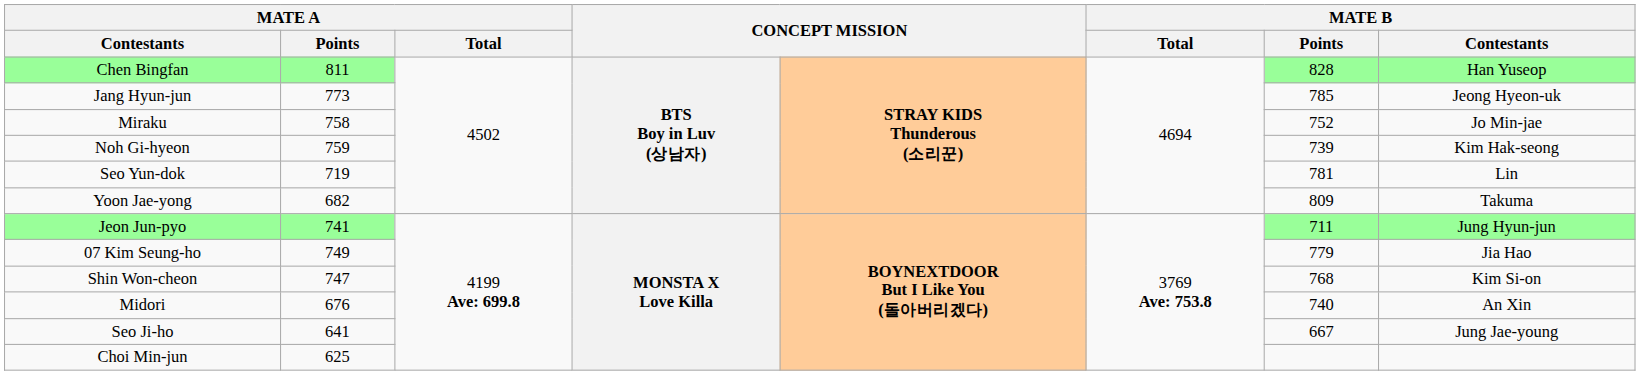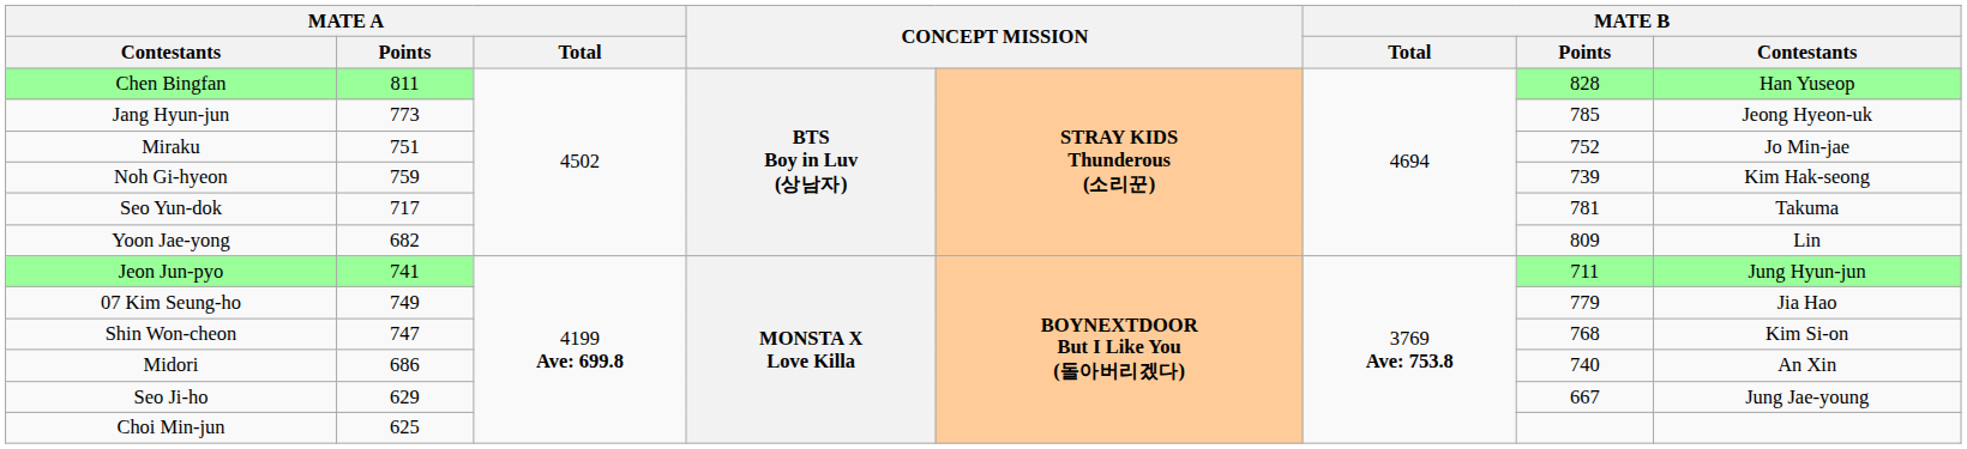 <table class="wikitable collapsible" style="width:100%; text-align:center">
 <tr>
 <th colspan="3">MATE A</th>
 <th colspan="2" rowspan="2">CONCEPT MISSION</th>
 <th colspan="3">MATE B</th>
 </tr>
 <tr>
 <th>Contestants</th>
 <th>Points</th>
 <th>Total</th>
 <th>Total</th>
 <th>Points</th>
 <th>Contestants</th>
 </tr>
 <tr>
 <td style="background:#99FF99">Chen Bingfan</td>
 <td style="background:#99FF99">811</td>
 <td rowspan="6">4502</td>
 <th rowspan="6">BTS<br>Boy in Luv<br>(상남자)</th>
 <th rowspan="6" style="background:#FFCC99">STRAY KIDS<br>Thunderous<br>(소리꾼)</th>
 <td rowspan="6">4694</td>
 <td style="background:#99FF99">828</td>
 <td style="background:#99FF99">Han Yuseop</td>
 </tr>
 <tr>
 <td>Jang Hyun-jun</td>
 <td>773</td>
 <td>785</td>
 <td>Jeong Hyeon-uk</td>
 </tr>
 <tr>
 <td>Miraku</td>
-<td>758</td>
+<td>751</td>
 <td>752</td>
 <td>Jo Min-jae</td>
 </tr>
 <tr>
 <td>Noh Gi-hyeon</td>
 <td>759</td>
 <td>739</td>
 <td>Kim Hak-seong</td>
 </tr>
 <tr>
 <td>Seo Yun-dok</td>
-<td>719</td>
+<td>717</td>
 <td>781</td>
-<td>Lin</td>
+<td>Takuma</td>
 </tr>
 <tr>
 <td>Yoon Jae-yong</td>
 <td>682</td>
 <td>809</td>
-<td>Takuma</td>
+<td>Lin</td>
 </tr>
 <tr>
 <td style="background:#99FF99">Jeon Jun-pyo</td>
 <td style="background:#99FF99">741</td>
 <td rowspan="6">4199<br><strong>Ave: 699.8</strong></td>
 <th rowspan="6">MONSTA X<br>Love Killa</th>
 <th rowspan="6" style="background:#FFCC99">BOYNEXTDOOR<br>But I Like You<br>(<strong>돌아버리겠다)</strong></th>
 <td rowspan="6">3769<br><strong>Ave: 753.8</strong></td>
 <td style="background:#99FF99">711</td>
 <td style="background:#99FF99">Jung Hyun-jun</td>
 </tr>
 <tr>
 <td>07 Kim Seung-ho</td>
 <td>749</td>
 <td>779</td>
 <td>Jia Hao</td>
 </tr>
 <tr>
 <td>Shin Won-cheon</td>
 <td>747</td>
 <td>768</td>
 <td>Kim Si-on</td>
 </tr>
 <tr>
 <td>Midori</td>
-<td>676</td>
+<td>686</td>
 <td>740</td>
 <td>An Xin</td>
 </tr>
 <tr>
 <td>Seo Ji-ho</td>
-<td>641</td>
+<td>629</td>
 <td>667</td>
 <td>Jung Jae-young</td>
 </tr>
 <tr>
 <td>Choi Min-jun</td>
 <td>625</td>
 <td></td>
 <td></td>
 </tr>
 </table>
